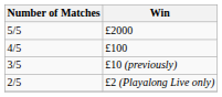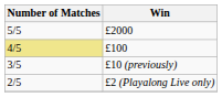 <table class="wikitable">
 <tr>
 <th>Number of Matches</th>
 <th>Win</th>
 </tr>
 <tr>
 <td>5/5</td>
 <td>£2000</td>
 </tr>
 <tr>
-<td>4/5</td>
+<td style="background: khaki;">4/5</td>
 <td>£100</td>
 </tr>
 <tr>
 <td>3/5</td>
 <td>£10 <em>(previously)</em></td>
 </tr>
 <tr>
 <td>2/5</td>
 <td>£2 <em>(Playalong Live only)</em></td>
 </tr>
 <tr>
 </tr>
 </table>
